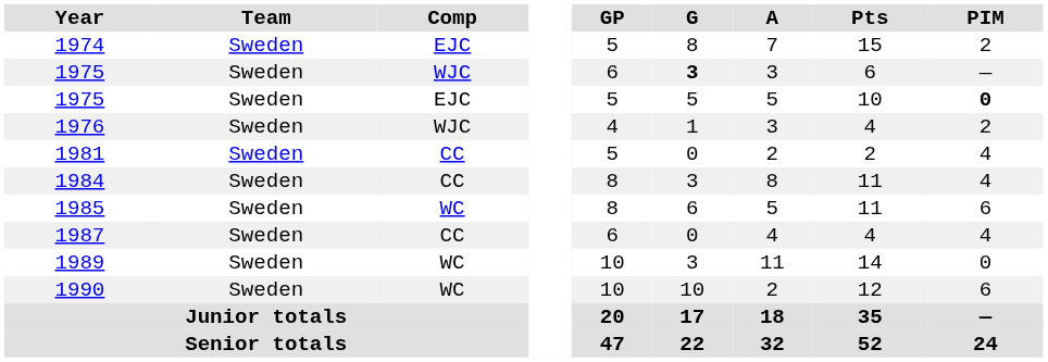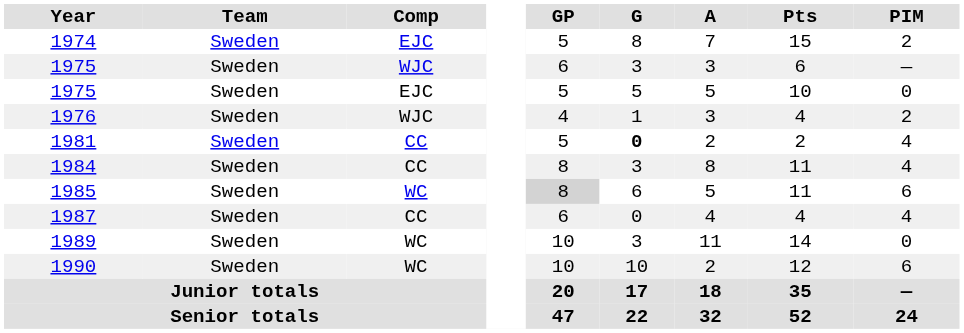 <table border="0" cellpadding="1" cellspacing="0" style="text-align:center; width:50em">
 <tr style="background:#e0e0e0;">
 <th>Year</th>
 <th>Team</th>
 <th>Comp</th>
 <th rowspan="99" style="background:#fff;"> </th>
 <th>GP</th>
 <th>G</th>
 <th>A</th>
 <th>Pts</th>
 <th>PIM</th>
 </tr>
 <tr>
 <td><a href='#'>1974</a></td>
 <td><a href='#'>Sweden</a></td>
 <td><a href='#'>EJC</a></td>
 <td>5</td>
 <td>8</td>
 <td>7</td>
 <td>15</td>
 <td>2</td>
 </tr>
 <tr bgcolor="#f0f0f0">
 <td><a href='#'>1975</a></td>
 <td>Sweden</td>
 <td><a href='#'>WJC</a></td>
 <td>6</td>
-<td><strong>3</strong></td>
+<td>3</td>
 <td>3</td>
 <td>6</td>
 <td>—</td>
 </tr>
 <tr>
 <td><a href='#'>1975</a></td>
 <td>Sweden</td>
 <td>EJC</td>
 <td>5</td>
 <td>5</td>
 <td>5</td>
 <td>10</td>
-<td><strong>0</strong></td>
+<td>0</td>
 </tr>
 <tr bgcolor="#f0f0f0">
 <td><a href='#'>1976</a></td>
 <td>Sweden</td>
 <td>WJC</td>
 <td>4</td>
 <td>1</td>
 <td>3</td>
 <td>4</td>
 <td>2</td>
 </tr>
 <tr>
 <td><a href='#'>1981</a></td>
 <td><a href='#'>Sweden</a></td>
 <td><a href='#'>CC</a></td>
 <td>5</td>
-<td>0</td>
+<td><strong>0</strong></td>
 <td>2</td>
 <td>2</td>
 <td>4</td>
 </tr>
 <tr bgcolor="#f0f0f0">
 <td><a href='#'>1984</a></td>
 <td>Sweden</td>
 <td>CC</td>
 <td>8</td>
 <td>3</td>
 <td>8</td>
 <td>11</td>
 <td>4</td>
 </tr>
 <tr>
 <td><a href='#'>1985</a></td>
 <td>Sweden</td>
 <td><a href='#'>WC</a></td>
-<td>8</td>
+<td style="background: lightgrey;">8</td>
 <td>6</td>
 <td>5</td>
 <td>11</td>
 <td>6</td>
 </tr>
 <tr bgcolor="#f0f0f0">
 <td><a href='#'>1987</a></td>
 <td>Sweden</td>
 <td>CC</td>
 <td>6</td>
 <td>0</td>
 <td>4</td>
 <td>4</td>
 <td>4</td>
 </tr>
 <tr>
 <td><a href='#'>1989</a></td>
 <td>Sweden</td>
 <td>WC</td>
 <td>10</td>
 <td>3</td>
 <td>11</td>
 <td>14</td>
 <td>0</td>
 </tr>
 <tr bgcolor="#f0f0f0">
 <td><a href='#'>1990</a></td>
 <td>Sweden</td>
 <td>WC</td>
 <td>10</td>
 <td>10</td>
 <td>2</td>
 <td>12</td>
 <td>6</td>
 </tr>
 <tr style="background:#e0e0e0;">
 <th colspan=3>Junior totals</th>
 <th>20</th>
 <th>17</th>
 <th>18</th>
 <th>35</th>
 <th>—</th>
 </tr>
 <tr style="background:#e0e0e0;">
 <th colspan=3>Senior totals</th>
 <th>47</th>
 <th>22</th>
 <th>32</th>
 <th>52</th>
 <th>24</th>
 </tr>
 </table>
